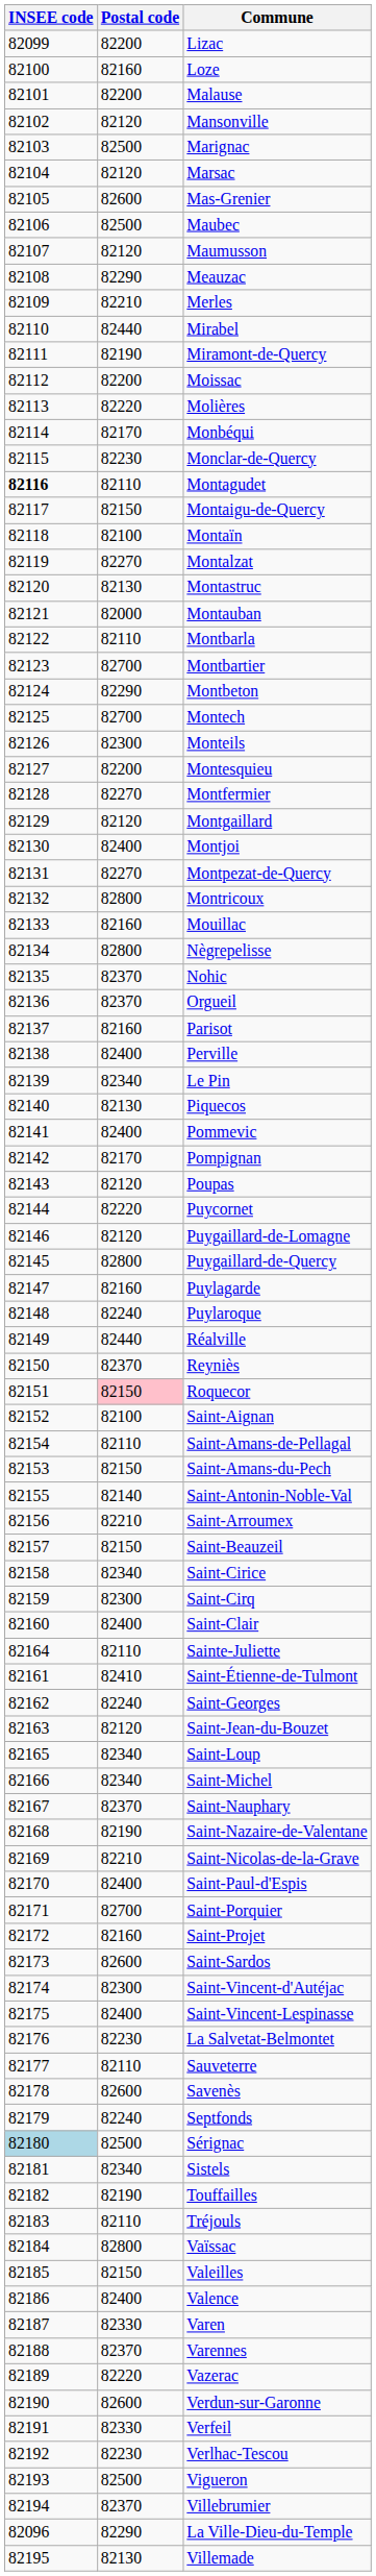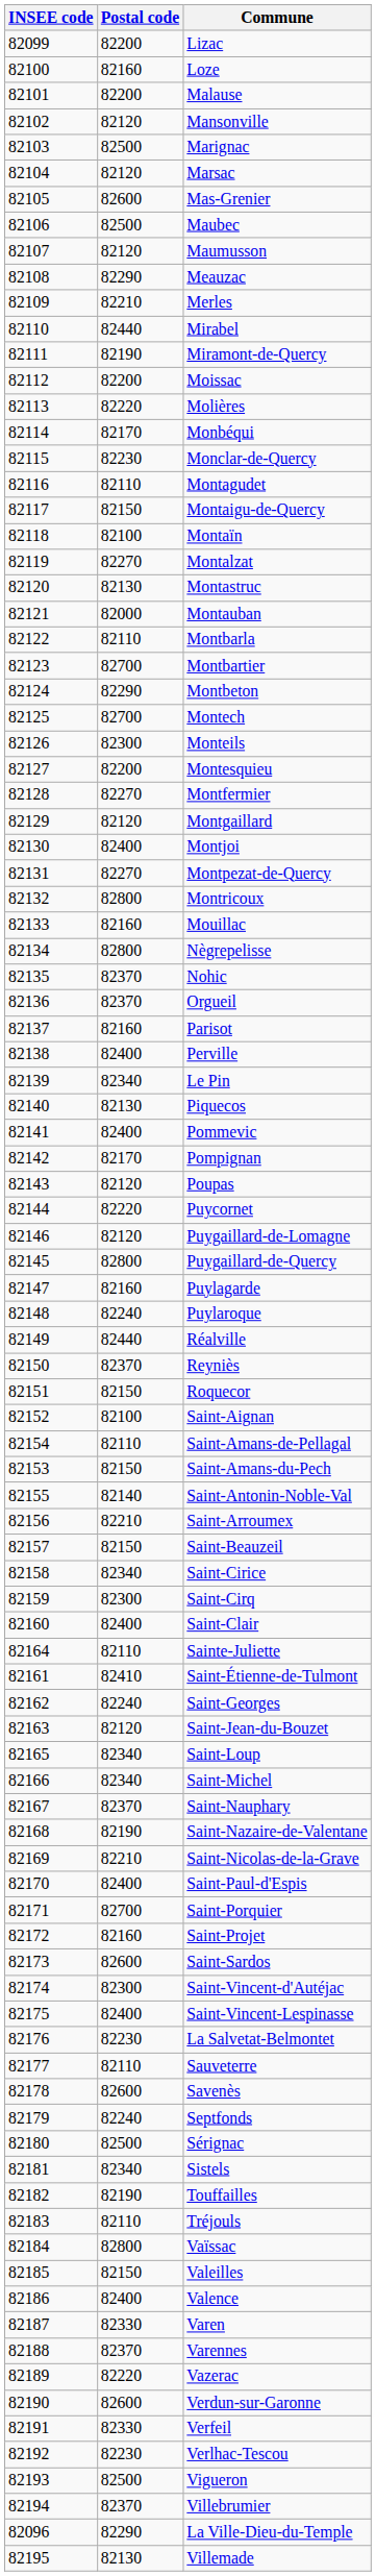 <table class="wikitable sortable">
 <tr>
 <th><a href='#'>INSEE code</a></th>
 <th><a href='#'>Postal code</a></th>
 <th>Commune</th>
 </tr>
 <tr>
 <td>82099</td>
 <td>82200</td>
 <td><a href='#'>Lizac</a></td>
 </tr>
 <tr>
 <td>82100</td>
 <td>82160</td>
 <td><a href='#'>Loze</a></td>
 </tr>
 <tr>
 <td>82101</td>
 <td>82200</td>
 <td><a href='#'>Malause</a></td>
 </tr>
 <tr>
 <td>82102</td>
 <td>82120</td>
 <td><a href='#'>Mansonville</a></td>
 </tr>
 <tr>
 <td>82103</td>
 <td>82500</td>
 <td><a href='#'>Marignac</a></td>
 </tr>
 <tr>
 <td>82104</td>
 <td>82120</td>
 <td><a href='#'>Marsac</a></td>
 </tr>
 <tr>
 <td>82105</td>
 <td>82600</td>
 <td><a href='#'>Mas-Grenier</a></td>
 </tr>
 <tr>
 <td>82106</td>
 <td>82500</td>
 <td><a href='#'>Maubec</a></td>
 </tr>
 <tr>
 <td>82107</td>
 <td>82120</td>
 <td><a href='#'>Maumusson</a></td>
 </tr>
 <tr>
 <td>82108</td>
 <td>82290</td>
 <td><a href='#'>Meauzac</a></td>
 </tr>
 <tr>
 <td>82109</td>
 <td>82210</td>
 <td><a href='#'>Merles</a></td>
 </tr>
 <tr>
 <td>82110</td>
 <td>82440</td>
 <td><a href='#'>Mirabel</a></td>
 </tr>
 <tr>
 <td>82111</td>
 <td>82190</td>
 <td><a href='#'>Miramont-de-Quercy</a></td>
 </tr>
 <tr>
 <td>82112</td>
 <td>82200</td>
 <td><a href='#'>Moissac</a></td>
 </tr>
 <tr>
 <td>82113</td>
 <td>82220</td>
 <td><a href='#'>Molières</a></td>
 </tr>
 <tr>
 <td>82114</td>
 <td>82170</td>
 <td><a href='#'>Monbéqui</a></td>
 </tr>
 <tr>
 <td>82115</td>
 <td>82230</td>
 <td><a href='#'>Monclar-de-Quercy</a></td>
 </tr>
 <tr>
-<td><strong>82116</strong></td>
+<td>82116</td>
 <td>82110</td>
 <td><a href='#'>Montagudet</a></td>
 </tr>
 <tr>
 <td>82117</td>
 <td>82150</td>
 <td><a href='#'>Montaigu-de-Quercy</a></td>
 </tr>
 <tr>
 <td>82118</td>
 <td>82100</td>
 <td><a href='#'>Montaïn</a></td>
 </tr>
 <tr>
 <td>82119</td>
 <td>82270</td>
 <td><a href='#'>Montalzat</a></td>
 </tr>
 <tr>
 <td>82120</td>
 <td>82130</td>
 <td><a href='#'>Montastruc</a></td>
 </tr>
 <tr>
 <td>82121</td>
 <td>82000</td>
 <td><a href='#'>Montauban</a></td>
 </tr>
 <tr>
 <td>82122</td>
 <td>82110</td>
 <td><a href='#'>Montbarla</a></td>
 </tr>
 <tr>
 <td>82123</td>
 <td>82700</td>
 <td><a href='#'>Montbartier</a></td>
 </tr>
 <tr>
 <td>82124</td>
 <td>82290</td>
 <td><a href='#'>Montbeton</a></td>
 </tr>
 <tr>
 <td>82125</td>
 <td>82700</td>
 <td><a href='#'>Montech</a></td>
 </tr>
 <tr>
 <td>82126</td>
 <td>82300</td>
 <td><a href='#'>Monteils</a></td>
 </tr>
 <tr>
 <td>82127</td>
 <td>82200</td>
 <td><a href='#'>Montesquieu</a></td>
 </tr>
 <tr>
 <td>82128</td>
 <td>82270</td>
 <td><a href='#'>Montfermier</a></td>
 </tr>
 <tr>
 <td>82129</td>
 <td>82120</td>
 <td><a href='#'>Montgaillard</a></td>
 </tr>
 <tr>
 <td>82130</td>
 <td>82400</td>
 <td><a href='#'>Montjoi</a></td>
 </tr>
 <tr>
 <td>82131</td>
 <td>82270</td>
 <td><a href='#'>Montpezat-de-Quercy</a></td>
 </tr>
 <tr>
 <td>82132</td>
 <td>82800</td>
 <td><a href='#'>Montricoux</a></td>
 </tr>
 <tr>
 <td>82133</td>
 <td>82160</td>
 <td><a href='#'>Mouillac</a></td>
 </tr>
 <tr>
 <td>82134</td>
 <td>82800</td>
 <td><a href='#'>Nègrepelisse</a></td>
 </tr>
 <tr>
 <td>82135</td>
 <td>82370</td>
 <td><a href='#'>Nohic</a></td>
 </tr>
 <tr>
 <td>82136</td>
 <td>82370</td>
 <td><a href='#'>Orgueil</a></td>
 </tr>
 <tr>
 <td>82137</td>
 <td>82160</td>
 <td><a href='#'>Parisot</a></td>
 </tr>
 <tr>
 <td>82138</td>
 <td>82400</td>
 <td><a href='#'>Perville</a></td>
 </tr>
 <tr>
 <td>82139</td>
 <td>82340</td>
 <td><a href='#'>Le Pin</a></td>
 </tr>
 <tr>
 <td>82140</td>
 <td>82130</td>
 <td><a href='#'>Piquecos</a></td>
 </tr>
 <tr>
 <td>82141</td>
 <td>82400</td>
 <td><a href='#'>Pommevic</a></td>
 </tr>
 <tr>
 <td>82142</td>
 <td>82170</td>
 <td><a href='#'>Pompignan</a></td>
 </tr>
 <tr>
 <td>82143</td>
 <td>82120</td>
 <td><a href='#'>Poupas</a></td>
 </tr>
 <tr>
 <td>82144</td>
 <td>82220</td>
 <td><a href='#'>Puycornet</a></td>
 </tr>
 <tr>
 <td>82146</td>
 <td>82120</td>
 <td><a href='#'>Puygaillard-de-Lomagne</a></td>
 </tr>
 <tr>
 <td>82145</td>
 <td>82800</td>
 <td><a href='#'>Puygaillard-de-Quercy</a></td>
 </tr>
 <tr>
 <td>82147</td>
 <td>82160</td>
 <td><a href='#'>Puylagarde</a></td>
 </tr>
 <tr>
 <td>82148</td>
 <td>82240</td>
 <td><a href='#'>Puylaroque</a></td>
 </tr>
 <tr>
 <td>82149</td>
 <td>82440</td>
 <td><a href='#'>Réalville</a></td>
 </tr>
 <tr>
 <td>82150</td>
 <td>82370</td>
 <td><a href='#'>Reyniès</a></td>
 </tr>
 <tr>
 <td>82151</td>
-<td style="background: pink;">82150</td>
+<td>82150</td>
 <td><a href='#'>Roquecor</a></td>
 </tr>
 <tr>
 <td>82152</td>
 <td>82100</td>
 <td><a href='#'>Saint-Aignan</a></td>
 </tr>
 <tr>
 <td>82154</td>
 <td>82110</td>
 <td><a href='#'>Saint-Amans-de-Pellagal</a></td>
 </tr>
 <tr>
 <td>82153</td>
 <td>82150</td>
 <td><a href='#'>Saint-Amans-du-Pech</a></td>
 </tr>
 <tr>
 <td>82155</td>
 <td>82140</td>
 <td><a href='#'>Saint-Antonin-Noble-Val</a></td>
 </tr>
 <tr>
 <td>82156</td>
 <td>82210</td>
 <td><a href='#'>Saint-Arroumex</a></td>
 </tr>
 <tr>
 <td>82157</td>
 <td>82150</td>
 <td><a href='#'>Saint-Beauzeil</a></td>
 </tr>
 <tr>
 <td>82158</td>
 <td>82340</td>
 <td><a href='#'>Saint-Cirice</a></td>
 </tr>
 <tr>
 <td>82159</td>
 <td>82300</td>
 <td><a href='#'>Saint-Cirq</a></td>
 </tr>
 <tr>
 <td>82160</td>
 <td>82400</td>
 <td><a href='#'>Saint-Clair</a></td>
 </tr>
 <tr>
 <td>82164</td>
 <td>82110</td>
 <td><a href='#'>Sainte-Juliette</a></td>
 </tr>
 <tr>
 <td>82161</td>
 <td>82410</td>
 <td><a href='#'>Saint-Étienne-de-Tulmont</a></td>
 </tr>
 <tr>
 <td>82162</td>
 <td>82240</td>
 <td><a href='#'>Saint-Georges</a></td>
 </tr>
 <tr>
 <td>82163</td>
 <td>82120</td>
 <td><a href='#'>Saint-Jean-du-Bouzet</a></td>
 </tr>
 <tr>
 <td>82165</td>
 <td>82340</td>
 <td><a href='#'>Saint-Loup</a></td>
 </tr>
 <tr>
 <td>82166</td>
 <td>82340</td>
 <td><a href='#'>Saint-Michel</a></td>
 </tr>
 <tr>
 <td>82167</td>
 <td>82370</td>
 <td><a href='#'>Saint-Nauphary</a></td>
 </tr>
 <tr>
 <td>82168</td>
 <td>82190</td>
 <td><a href='#'>Saint-Nazaire-de-Valentane</a></td>
 </tr>
 <tr>
 <td>82169</td>
 <td>82210</td>
 <td><a href='#'>Saint-Nicolas-de-la-Grave</a></td>
 </tr>
 <tr>
 <td>82170</td>
 <td>82400</td>
 <td><a href='#'>Saint-Paul-d'Espis</a></td>
 </tr>
 <tr>
 <td>82171</td>
 <td>82700</td>
 <td><a href='#'>Saint-Porquier</a></td>
 </tr>
 <tr>
 <td>82172</td>
 <td>82160</td>
 <td><a href='#'>Saint-Projet</a></td>
 </tr>
 <tr>
 <td>82173</td>
 <td>82600</td>
 <td><a href='#'>Saint-Sardos</a></td>
 </tr>
 <tr>
 <td>82174</td>
 <td>82300</td>
 <td><a href='#'>Saint-Vincent-d'Autéjac</a></td>
 </tr>
 <tr>
 <td>82175</td>
 <td>82400</td>
 <td><a href='#'>Saint-Vincent-Lespinasse</a></td>
 </tr>
 <tr>
 <td>82176</td>
 <td>82230</td>
 <td><a href='#'>La Salvetat-Belmontet</a></td>
 </tr>
 <tr>
 <td>82177</td>
 <td>82110</td>
 <td><a href='#'>Sauveterre</a></td>
 </tr>
 <tr>
 <td>82178</td>
 <td>82600</td>
 <td><a href='#'>Savenès</a></td>
 </tr>
 <tr>
 <td>82179</td>
 <td>82240</td>
 <td><a href='#'>Septfonds</a></td>
 </tr>
 <tr>
-<td style="background: lightblue;">82180</td>
+<td>82180</td>
 <td>82500</td>
 <td><a href='#'>Sérignac</a></td>
 </tr>
 <tr>
 <td>82181</td>
 <td>82340</td>
 <td><a href='#'>Sistels</a></td>
 </tr>
 <tr>
 <td>82182</td>
 <td>82190</td>
 <td><a href='#'>Touffailles</a></td>
 </tr>
 <tr>
 <td>82183</td>
 <td>82110</td>
 <td><a href='#'>Tréjouls</a></td>
 </tr>
 <tr>
 <td>82184</td>
 <td>82800</td>
 <td><a href='#'>Vaïssac</a></td>
 </tr>
 <tr>
 <td>82185</td>
 <td>82150</td>
 <td><a href='#'>Valeilles</a></td>
 </tr>
 <tr>
 <td>82186</td>
 <td>82400</td>
 <td><a href='#'>Valence</a></td>
 </tr>
 <tr>
 <td>82187</td>
 <td>82330</td>
 <td><a href='#'>Varen</a></td>
 </tr>
 <tr>
 <td>82188</td>
 <td>82370</td>
 <td><a href='#'>Varennes</a></td>
 </tr>
 <tr>
 <td>82189</td>
 <td>82220</td>
 <td><a href='#'>Vazerac</a></td>
 </tr>
 <tr>
 <td>82190</td>
 <td>82600</td>
 <td><a href='#'>Verdun-sur-Garonne</a></td>
 </tr>
 <tr>
 <td>82191</td>
 <td>82330</td>
 <td><a href='#'>Verfeil</a></td>
 </tr>
 <tr>
 <td>82192</td>
 <td>82230</td>
 <td><a href='#'>Verlhac-Tescou</a></td>
 </tr>
 <tr>
 <td>82193</td>
 <td>82500</td>
 <td><a href='#'>Vigueron</a></td>
 </tr>
 <tr>
 <td>82194</td>
 <td>82370</td>
 <td><a href='#'>Villebrumier</a></td>
 </tr>
 <tr>
 <td>82096</td>
 <td>82290</td>
 <td><a href='#'>La Ville-Dieu-du-Temple</a></td>
 </tr>
 <tr>
 <td>82195</td>
 <td>82130</td>
 <td><a href='#'>Villemade</a></td>
 </tr>
 </table>
